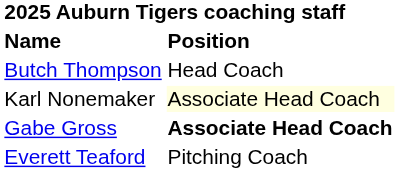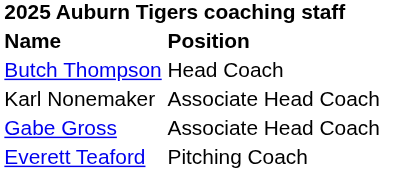 <table class="toccolours" style="text-align: left; font-size:90%;">
 <tr>
 <th colspan="9">2025 Auburn Tigers coaching staff</th>
 </tr>
 <tr>
 <th>Name</th>
 <th>Position</th>
 </tr>
 <tr>
 <td><a href='#'>Butch Thompson</a></td>
 <td>Head Coach</td>
 </tr>
 <tr>
 <td>Karl Nonemaker</td>
-<td style="background: lightyellow;">Associate Head Coach</td>
+<td>Associate Head Coach</td>
 </tr>
 <tr>
 <td><a href='#'>Gabe Gross</a></td>
-<td><strong>Associate Head Coach</strong></td>
+<td>Associate Head Coach</td>
 </tr>
 <tr>
 <td><a href='#'>Everett Teaford</a></td>
 <td>Pitching Coach</td>
 </tr>
 </table>
